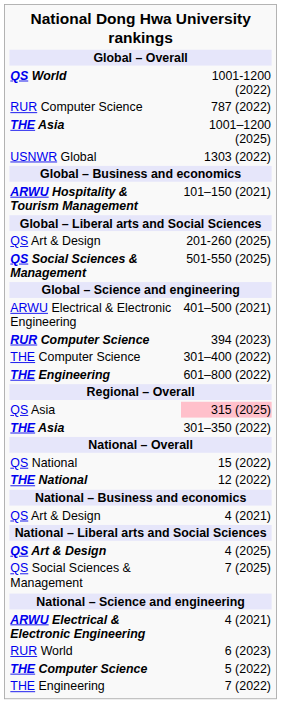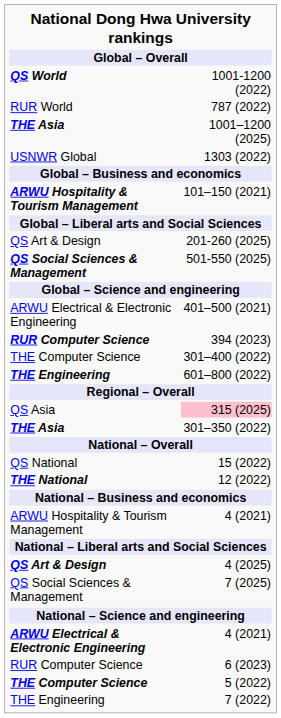 <table class="infobox" style="width:22em; text-align:center; font-size:88%;">
 <tr>
 <td colspan=2 style="font-size:125%; text-align:center"><strong>National Dong Hwa University rankings</strong></td>
 </tr>
 <tr>
 <th colspan="2" style="background:lavender ;text-align:center">Global – Overall</th>
 </tr>
 <tr>
 <td style="text-align:left; width:65%"><strong><em><a href='#'>QS</a><em> World<strong></td>
 <td style="text-align:right;">1001-1200 (2022)</td>
 </tr>
 <tr>
-<td style="text-align:left; width:65%"></em></strong><a href='#'>RUR</a></em> Computer Science</strong></td>
+<td style="text-align:left; width:65%"></em></strong><a href='#'>RUR</a></em> World</strong></td>
 <td style="text-align:right;">787 (2022)</td>
 </tr>
 <tr>
 <td style="text-align:left; width:65%"><strong><em><a href='#'>THE</a><em> Asia<strong></td>
 <td style="text-align:right;">1001–1200 (2025)</td>
 </tr>
 <tr>
 <td style="text-align:left; width:65%"></em></strong><a href='#'>USNWR</a></em> Global</strong></td>
 <td style="text-align:right;">1303 (2022)</td>
 </tr>
 <tr>
 <th colspan="2" style="background:lavender ;text-align:center">Global – Business and economics</th>
 </tr>
 <tr>
 <td style="text-align:left; width:65%"><strong><em><a href='#'>ARWU</a><em> Hospitality & Tourism Management<strong></td>
 <td style="text-align:right;">101–150 (2021)</td>
 </tr>
 <tr>
 <th colspan="2" style="background:lavender ;text-align:center">Global – Liberal arts and Social Sciences</th>
 </tr>
 <tr>
 <td style="text-align:left; width:65%"></em></strong><a href='#'>QS</a></em> Art & Design</strong></td>
 <td style="text-align:right;">201-260 (2025)</td>
 </tr>
 <tr>
 <td style="text-align:left; width:65%"><strong><em><a href='#'>QS</a><em> Social Sciences & Management‌<strong></td>
 <td style="text-align:right;">501-550 (2025)</td>
 </tr>
 <tr>
 <th colspan="2" style="background:lavender ;text-align:center">Global – Science and engineering</th>
 </tr>
 <tr>
 <td style="text-align:left; width:65%"></em></strong><a href='#'>ARWU</a></em> Electrical & Electronic Engineering</strong></td>
 <td style="text-align:right;">401–500 (2021)</td>
 </tr>
 <tr>
 <td style="text-align:left; width:65%"><strong><em><a href='#'>RUR</a><em> Computer Science<strong></td>
 <td style="text-align:right;">394 (2023)</td>
 </tr>
 <tr>
 <td style="text-align:left; width:65%"></em></strong><a href='#'>THE</a></em> Computer Science</strong></td>
 <td style="text-align:right;">301–400 (2022)</td>
 </tr>
 <tr>
 <td style="text-align:left; width:65%"><strong><em><a href='#'>THE</a><em> Engineering<strong></td>
 <td style="text-align:right;">601–800 (2022)</td>
 </tr>
 <tr>
 <th colspan="2" style="background:lavender ;text-align:center">Regional – Overall</th>
 </tr>
 <tr>
 <td style="text-align:left; width:65%"></em></strong><a href='#'>QS</a></em> Asia</strong></td>
 <td style="background: pink; text-align:right;">315 (2025)</td>
 </tr>
 <tr>
 <td style="text-align:left; width:65%"><strong><em><a href='#'>THE</a><em> Asia<strong></td>
 <td style="text-align:right;">301–350 (2022)</td>
 </tr>
 <tr>
 <th colspan="2" style="background:lavender ;text-align:center">National – Overall</th>
 </tr>
 <tr>
 <td style="text-align:left; width:65%"></em></strong><a href='#'>QS</a></em> National</strong></td>
 <td style="text-align:right;">15 (2022)</td>
 </tr>
 <tr>
 <td style="text-align:left; width:65%"><strong><em><a href='#'>THE</a><em> National<strong></td>
 <td style="text-align:right;">12 (2022)</td>
 </tr>
 <tr>
 <th colspan="2" style="background:lavender ;text-align:center">National – Business and economics</th>
 </tr>
 <tr>
-<td style="text-align:left; width:65%"></em></strong><a href='#'>QS</a></em> Art & Design</strong></td>
+<td style="text-align:left; width:65%"></em></strong><a href='#'>ARWU</a></em> Hospitality & Tourism Management</strong></td>
 <td style="text-align:right;">4 (2021)</td>
 </tr>
 <tr>
 <th colspan="2" style="background:lavender ;text-align:center">National – Liberal arts and Social Sciences</th>
 </tr>
 <tr>
 <td style="text-align:left; width:65%"><strong><em><a href='#'>QS</a><em> Art & Design<strong></td>
 <td style="text-align:right;">4 (2025)</td>
 </tr>
 <tr>
 <td style="text-align:left; width:65%"></em></strong><a href='#'>QS</a></em> Social Sciences & Management‌</strong></td>
 <td style="text-align:right;">7 (2025)</td>
 </tr>
 <tr>
 </tr>
 <tr>
 <th colspan="2" style="background:lavender ;text-align:center">National – Science and engineering</th>
 </tr>
 <tr>
 <td style="text-align:left; width:65%"><strong><em><a href='#'>ARWU</a><em> Electrical & Electronic Engineering<strong></td>
 <td style="text-align:right;">4 (2021)</td>
 </tr>
 <tr>
-<td style="text-align:left; width:65%"></em></strong><a href='#'>RUR</a></em> World</strong></td>
+<td style="text-align:left; width:65%"></em></strong><a href='#'>RUR</a></em> Computer Science</strong></td>
 <td style="text-align:right;">6 (2023)</td>
 </tr>
 <tr>
 <td style="text-align:left; width:65%"><strong><em><a href='#'>THE</a><em> Computer Science<strong></td>
 <td style="text-align:right;">5 (2022)</td>
 </tr>
 <tr>
 <td style="text-align:left; width:65%"></em></strong><a href='#'>THE</a></em> Engineering</strong></td>
 <td style="text-align:right;">7 (2022)</td>
 </tr>
 </table>
